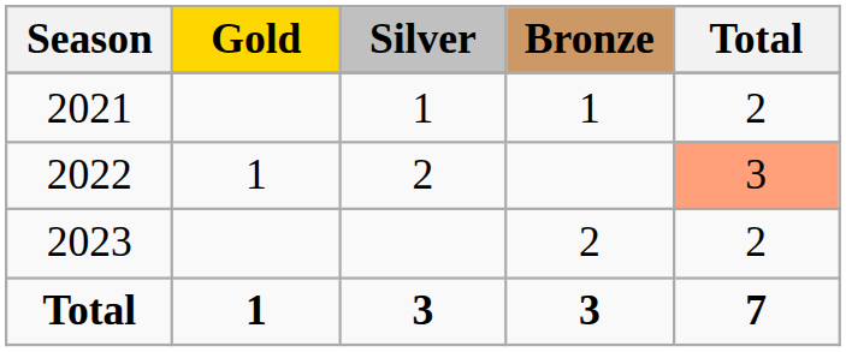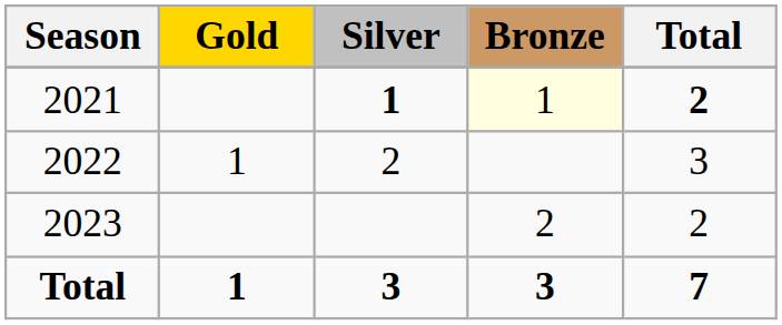 <table class="wikitable" style="text-align:center;">
 <tr>
 <th width = "55">Season</th>
 <th width = "55" style="background: gold;">Gold</th>
 <th width = "55" style="background: silver;">Silver</th>
 <th width = "55" style="background: #cc9966;">Bronze</th>
 <th width = "55">Total</th>
 </tr>
 <tr>
 </tr>
 <tr>
 <td>2021</td>
 <td></td>
-<td>1</td>
-<td>1</td>
-<td>2</td>
+<td><strong>1</strong></td>
+<td style="background: lightyellow;">1</td>
+<td><strong>2</strong></td>
 </tr>
 <tr>
 <td>2022</td>
 <td>1</td>
 <td>2</td>
 <td></td>
-<td style="background: lightsalmon;">3</td>
+<td>3</td>
 </tr>
 <tr>
 <td>2023</td>
 <td></td>
 <td></td>
 <td>2</td>
 <td>2</td>
 </tr>
 <tr>
 <td><strong>Total</strong></td>
 <td><strong>1</strong></td>
 <td><strong>3</strong></td>
 <td><strong>3</strong></td>
 <td><strong>7</strong></td>
 </tr>
 </table>
